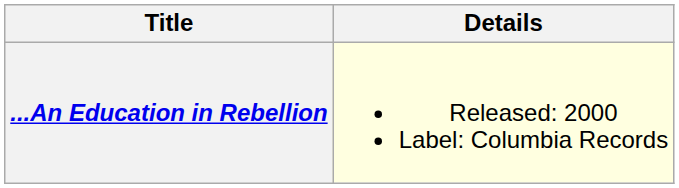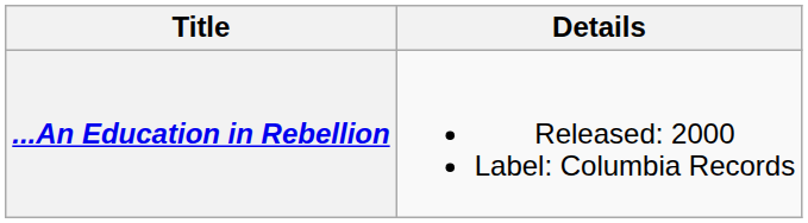 <table class="wikitable plainrowheaders" style="text-align:center;">
 <tr>
 <th>Title</th>
 <th>Details</th>
 </tr>
 <tr>
 <th scope="row"><em><a href='#'>...An Education in Rebellion</a></em></th>
-<td style="background: lightyellow;"><br><ul><li>Released: 2000</li><li>Label: Columbia Records</li></ul></td>
+<td><br><ul><li>Released: 2000</li><li>Label: Columbia Records</li></ul></td>
 </tr>
 </table>
